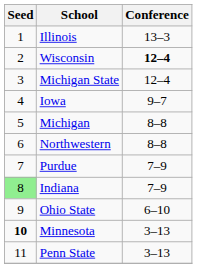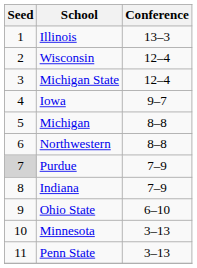 <table class="wikitable" style="font-size: 95%; text-align:center;">
 <tr>
 <th>Seed</th>
 <th>School</th>
 <th>Conference</th>
 </tr>
 <tr>
 <td>1</td>
 <td align=left><a href='#'>Illinois</a></td>
 <td>13–3</td>
 </tr>
 <tr>
 <td>2</td>
 <td align=left><a href='#'>Wisconsin</a></td>
-<td><strong>12–4</strong></td>
+<td>12–4</td>
 </tr>
 <tr>
 <td>3</td>
 <td align=left><a href='#'>Michigan State</a></td>
 <td>12–4</td>
 </tr>
 <tr>
 <td>4</td>
 <td align=left><a href='#'>Iowa</a></td>
 <td>9–7</td>
 </tr>
 <tr>
 <td>5</td>
 <td align=left><a href='#'>Michigan</a></td>
 <td>8–8</td>
 </tr>
 <tr>
 <td>6</td>
 <td align=left><a href='#'>Northwestern</a></td>
 <td>8–8</td>
 </tr>
 <tr>
-<td>7</td>
+<td style="background: lightgrey;">7</td>
 <td align=left><a href='#'>Purdue</a></td>
 <td>7–9</td>
 </tr>
 <tr>
-<td style="background: lightgreen;">8</td>
+<td>8</td>
 <td align=left><a href='#'>Indiana</a></td>
 <td>7–9</td>
 </tr>
 <tr>
 <td>9</td>
 <td align=left><a href='#'>Ohio State</a></td>
 <td>6–10</td>
 </tr>
 <tr>
-<td><strong>10</strong></td>
+<td>10</td>
 <td align=left><a href='#'>Minnesota</a></td>
 <td>3–13</td>
 </tr>
 <tr>
 <td>11</td>
 <td align=left><a href='#'>Penn State</a></td>
 <td>3–13</td>
 </tr>
 <tr>
 </tr>
 </table>
